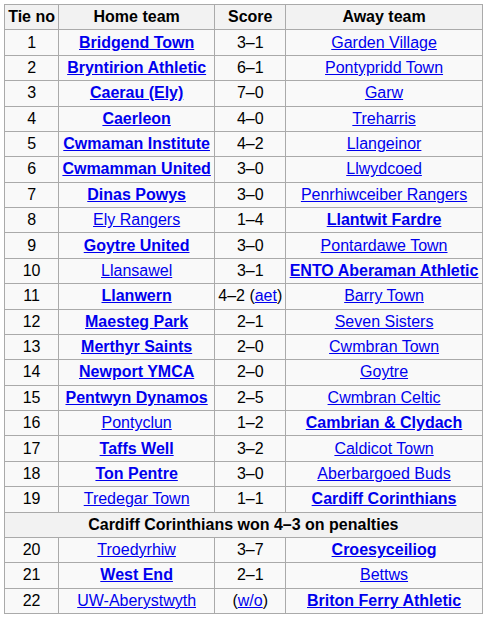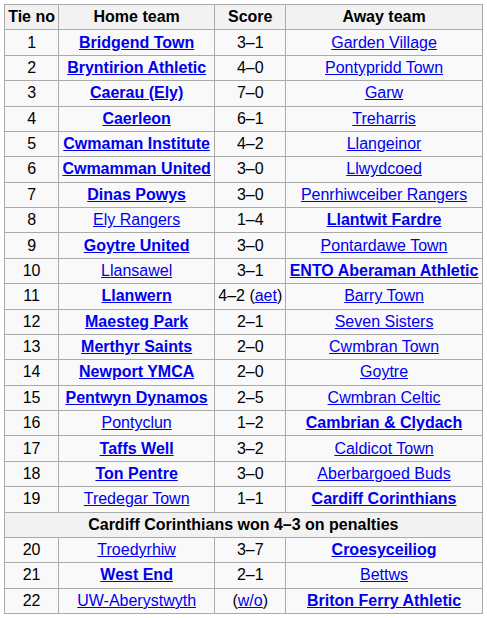 <table class="wikitable" style="text-align: center">
 <tr>
 <th>Tie no</th>
 <th>Home team</th>
 <th>Score</th>
 <th>Away team</th>
 </tr>
 <tr>
 <td>1</td>
 <td><strong><a href='#'>Bridgend Town</a></strong></td>
 <td>3–1</td>
 <td><a href='#'>Garden Village</a></td>
 </tr>
 <tr>
 <td>2</td>
 <td><strong><a href='#'>Bryntirion Athletic</a></strong></td>
-<td>6–1</td>
+<td>4–0</td>
 <td><a href='#'>Pontypridd Town</a></td>
 </tr>
 <tr>
 <td>3</td>
 <td><strong><a href='#'>Caerau (Ely)</a></strong></td>
 <td>7–0</td>
 <td><a href='#'>Garw</a></td>
 </tr>
 <tr>
 <td>4</td>
 <td><strong><a href='#'>Caerleon</a></strong></td>
-<td>4–0</td>
+<td>6–1</td>
 <td><a href='#'>Treharris</a></td>
 </tr>
 <tr>
 <td>5</td>
 <td><strong><a href='#'>Cwmaman Institute</a></strong></td>
 <td>4–2</td>
 <td><a href='#'>Llangeinor</a></td>
 </tr>
 <tr>
 <td>6</td>
 <td><strong><a href='#'>Cwmamman United</a></strong></td>
 <td>3–0</td>
 <td><a href='#'>Llwydcoed</a></td>
 </tr>
 <tr>
 <td>7</td>
 <td><strong><a href='#'>Dinas Powys</a></strong></td>
 <td>3–0</td>
 <td><a href='#'>Penrhiwceiber Rangers</a></td>
 </tr>
 <tr>
 <td>8</td>
 <td><a href='#'>Ely Rangers</a></td>
 <td>1–4</td>
 <td><strong><a href='#'>Llantwit Fardre</a></strong></td>
 </tr>
 <tr>
 <td>9</td>
 <td><strong><a href='#'>Goytre United</a></strong></td>
 <td>3–0</td>
 <td><a href='#'>Pontardawe Town</a></td>
 </tr>
 <tr>
 <td>10</td>
 <td><a href='#'>Llansawel</a></td>
 <td>3–1</td>
 <td><strong><a href='#'>ENTO Aberaman Athletic</a></strong></td>
 </tr>
 <tr>
 <td>11</td>
 <td><strong><a href='#'>Llanwern</a></strong></td>
 <td>4–2 (<a href='#'>aet</a>)</td>
 <td><a href='#'>Barry Town</a></td>
 </tr>
 <tr>
 <td>12</td>
 <td><strong><a href='#'>Maesteg Park</a></strong></td>
 <td>2–1</td>
 <td><a href='#'>Seven Sisters</a></td>
 </tr>
 <tr>
 <td>13</td>
 <td><strong><a href='#'>Merthyr Saints</a></strong></td>
 <td>2–0</td>
 <td><a href='#'>Cwmbran Town</a></td>
 </tr>
 <tr>
 <td>14</td>
 <td><strong><a href='#'>Newport YMCA</a></strong></td>
 <td>2–0</td>
 <td><a href='#'>Goytre</a></td>
 </tr>
 <tr>
 <td>15</td>
 <td><strong><a href='#'>Pentwyn Dynamos</a></strong></td>
 <td>2–5</td>
 <td><a href='#'>Cwmbran Celtic</a></td>
 </tr>
 <tr>
 <td>16</td>
 <td><a href='#'>Pontyclun</a></td>
 <td>1–2</td>
 <td><strong><a href='#'>Cambrian & Clydach</a></strong></td>
 </tr>
 <tr>
 <td>17</td>
 <td><strong><a href='#'>Taffs Well</a></strong></td>
 <td>3–2</td>
 <td><a href='#'>Caldicot Town</a></td>
 </tr>
 <tr>
 <td>18</td>
 <td><strong><a href='#'>Ton Pentre</a></strong></td>
 <td>3–0</td>
 <td><a href='#'>Aberbargoed Buds</a></td>
 </tr>
 <tr>
 <td>19</td>
 <td><a href='#'>Tredegar Town</a></td>
 <td>1–1</td>
 <td><strong><a href='#'>Cardiff Corinthians</a></strong></td>
 </tr>
 <tr>
 <th colspan=5>Cardiff Corinthians won 4–3 on penalties</th>
 </tr>
 <tr>
 <td>20</td>
 <td><a href='#'>Troedyrhiw</a></td>
 <td>3–7</td>
 <td><strong><a href='#'>Croesyceiliog</a></strong></td>
 </tr>
 <tr>
 <td>21</td>
 <td><strong><a href='#'>West End</a></strong></td>
 <td>2–1</td>
 <td><a href='#'>Bettws</a></td>
 </tr>
 <tr>
 <td>22</td>
 <td><a href='#'>UW-Aberystwyth</a></td>
 <td>(<a href='#'>w/o</a>)</td>
 <td><strong><a href='#'>Briton Ferry Athletic</a></strong></td>
 </tr>
 </table>
